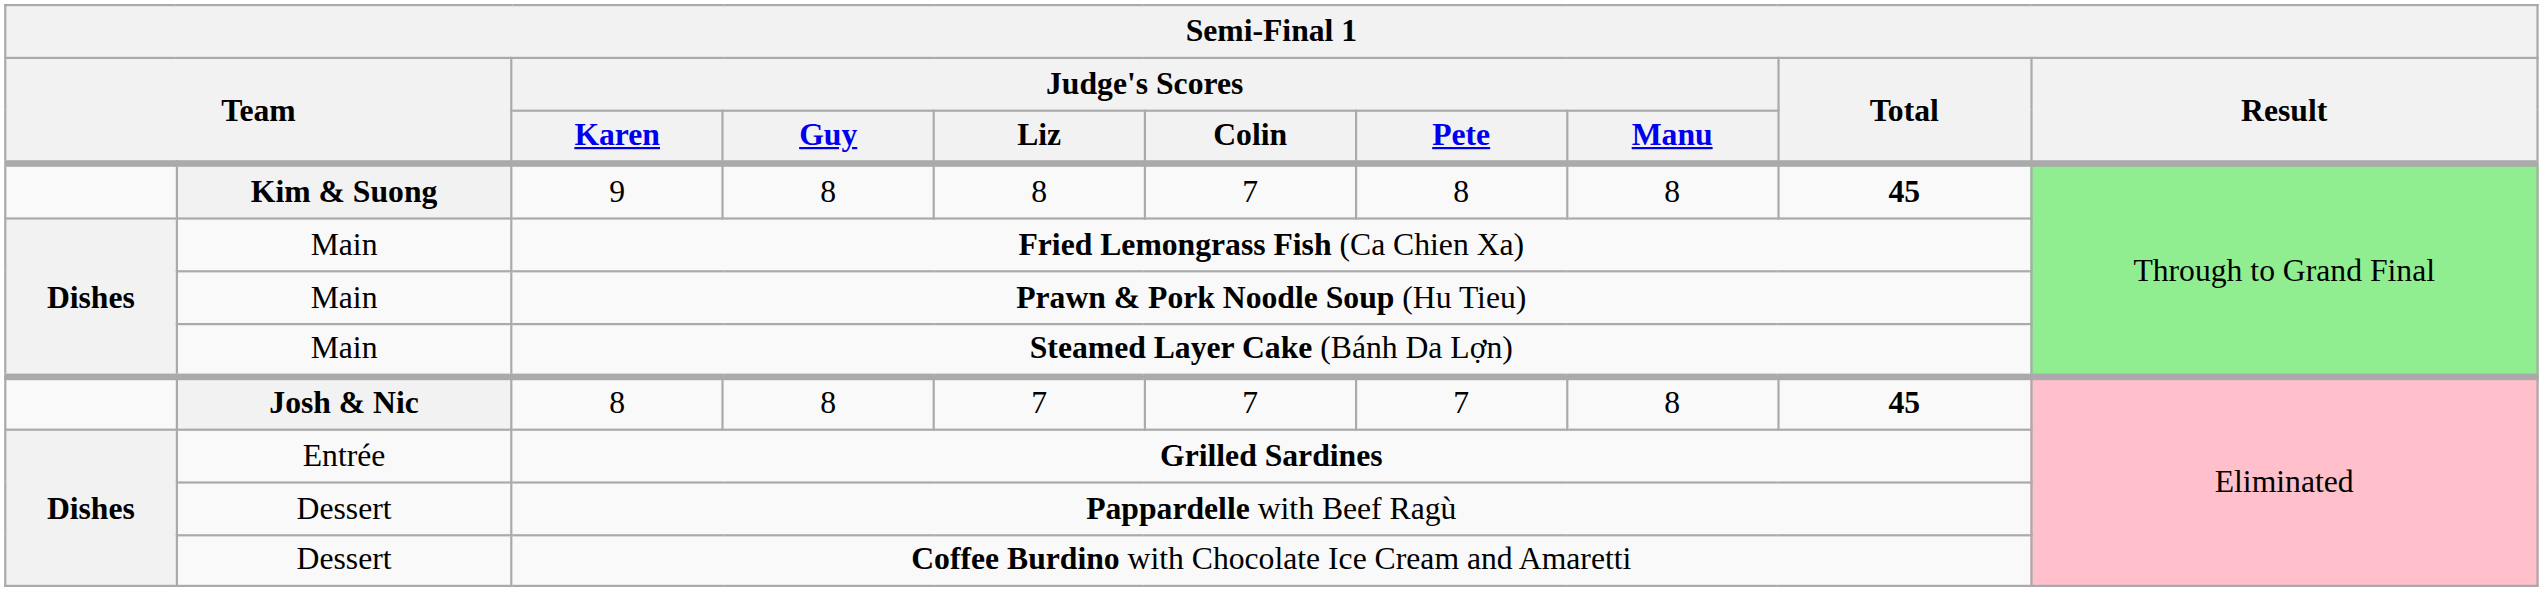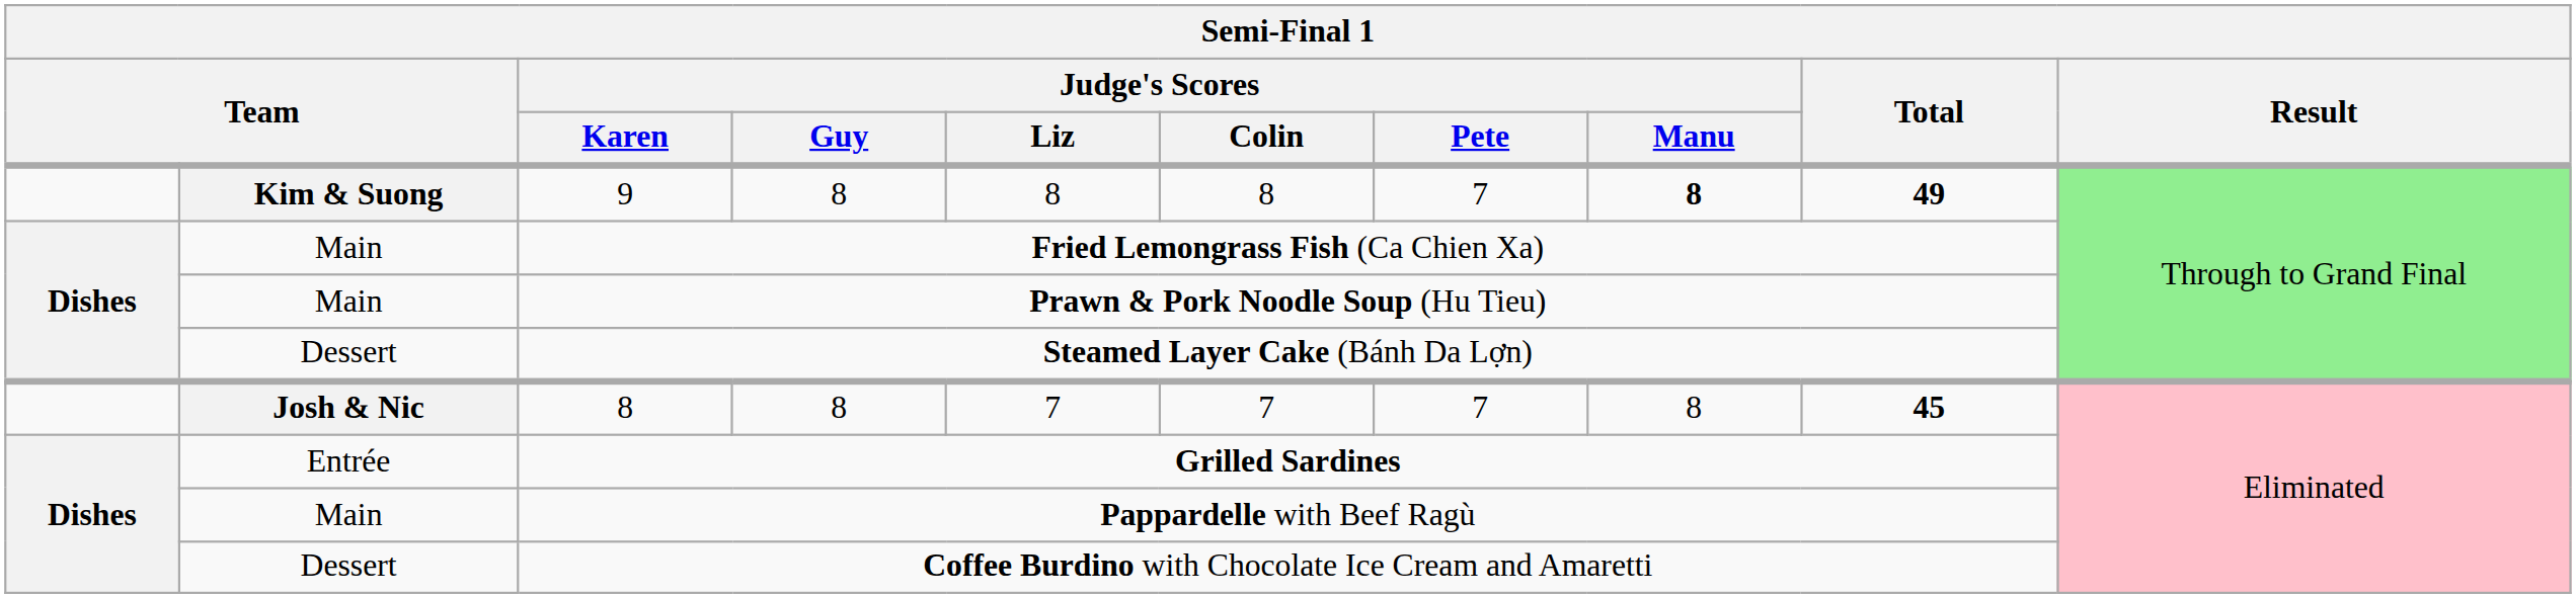 <table class="wikitable plainrowheaders" style="margin:1em auto; text-align:center; font-size:90%; width:80em;">
 <tr>
 <th colspan="10" >Semi-Final 1</th>
 </tr>
 <tr>
 <th rowspan="2" style="width:20%;" colspan="2">Team</th>
 <th colspan="6" style="width:50%;">Judge's Scores</th>
 <th rowspan="2" style="width:10%;">Total<br></th>
 <th rowspan="2" style="width:20%;">Result</th>
 </tr>
 <tr>
 <th style="width:50px;"><a href='#'>Karen</a></th>
 <th style="width:50px;"><a href='#'>Guy</a></th>
 <th style="width:50px;">Liz</th>
 <th style="width:50px;">Colin</th>
 <th style="width:50px;"><a href='#'>Pete</a></th>
 <th style="width:50px;"><a href='#'>Manu</a></th>
 </tr>
 <tr style="border-top:3px solid #aaa;">
 <td></td>
 <th>Kim & Suong</th>
 <td>9</td>
 <td>8</td>
 <td>8</td>
+<td>8</td>
 <td>7</td>
-<td>8</td>
-<td>8</td>
-<td><strong>45</strong></td>
+<td><strong>8</strong></td>
+<td><strong>49</strong></td>
 <td rowspan="4" style="background:lightgreen">Through to Grand Final</td>
 </tr>
 <tr>
 <th rowspan="3">Dishes</th>
 <td>Main</td>
 <td colspan="7"><strong>Fried Lemongrass Fish</strong> (Ca Chien Xa)</td>
 </tr>
 <tr>
 <td>Main</td>
 <td colspan="7"><strong>Prawn & Pork Noodle Soup</strong> (Hu Tieu)</td>
 </tr>
 <tr>
-<td>Main</td>
+<td>Dessert</td>
 <td colspan="7"><strong>Steamed Layer Cake</strong> (Bánh Da Lợn)</td>
 </tr>
 <tr style="border-top:3px solid #aaa;">
 </tr>
 <tr>
 <td></td>
 <th>Josh & Nic</th>
 <td>8</td>
 <td>8</td>
 <td>7</td>
 <td>7</td>
 <td>7</td>
 <td>8</td>
 <td><strong>45</strong></td>
 <td style="background:pink" rowspan="4">Eliminated</td>
 </tr>
 <tr>
 <th rowspan="3">Dishes</th>
 <td>Entrée</td>
 <td colspan="7"><strong>Grilled Sardines</strong> </td>
 </tr>
 <tr>
-<td>Dessert</td>
+<td>Main</td>
 <td colspan="7"><strong>Pappardelle</strong> with Beef Ragù</td>
 </tr>
 <tr>
 <td>Dessert</td>
 <td colspan="7"><strong>Coffee Burdino</strong> with Chocolate Ice Cream and Amaretti</td>
 </tr>
 </table>
